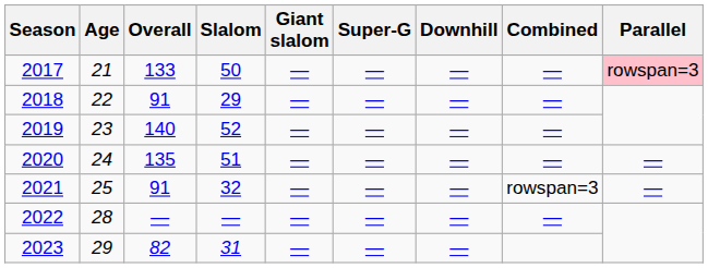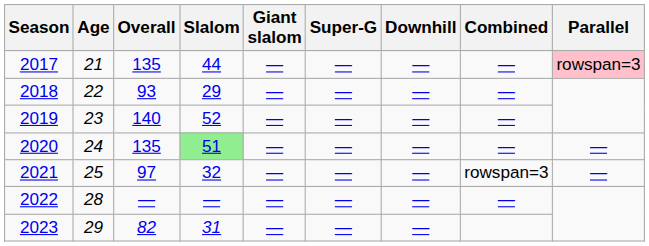 <table class=wikitable style="text-align:center">
 <tr>
 <th>Season</th>
 <th>Age</th>
 <th>Overall</th>
 <th>Slalom</th>
 <th>Giant<br>slalom</th>
 <th>Super-G</th>
 <th>Downhill</th>
 <th>Combined</th>
 <th>Parallel</th>
 </tr>
 <tr>
 <td><a href='#'>2017</a></td>
 <td><em>21</em></td>
-<td><a href='#'>133</a></td>
-<td><a href='#'>50</a></td>
+<td><a href='#'>135</a></td>
+<td><a href='#'>44</a></td>
 <td><a href='#'>—</a></td>
 <td><a href='#'>—</a></td>
 <td><a href='#'>—</a></td>
 <td><a href='#'>—</a></td>
 <td style="background: pink;">rowspan=3 </td>
 </tr>
 <tr>
 <td><a href='#'>2018</a></td>
 <td><em>22</em></td>
-<td><a href='#'>91</a></td>
+<td><a href='#'>93</a></td>
 <td><a href='#'>29</a></td>
 <td><a href='#'>—</a></td>
 <td><a href='#'>—</a></td>
 <td><a href='#'>—</a></td>
 <td><a href='#'>—</a></td>
 </tr>
 <tr>
 <td><a href='#'>2019</a></td>
 <td><em>23</em></td>
 <td><a href='#'>140</a></td>
 <td><a href='#'>52</a></td>
 <td><a href='#'>—</a></td>
 <td><a href='#'>—</a></td>
 <td><a href='#'>—</a></td>
 <td><a href='#'>—</a></td>
 </tr>
 <tr>
 <td><a href='#'>2020</a></td>
 <td><em>24</em></td>
 <td><a href='#'>135</a></td>
-<td><a href='#'>51</a></td>
+<td style="background: lightgreen;"><a href='#'>51</a></td>
 <td><a href='#'>—</a></td>
 <td><a href='#'>—</a></td>
 <td><a href='#'>—</a></td>
 <td><a href='#'>—</a></td>
 <td><a href='#'>—</a></td>
 </tr>
 <tr>
 <td><a href='#'>2021</a></td>
 <td><em>25</em></td>
-<td><a href='#'>91</a></td>
+<td><a href='#'>97</a></td>
 <td><a href='#'>32</a></td>
 <td><a href='#'>—</a></td>
 <td><a href='#'>—</a></td>
 <td><a href='#'>—</a></td>
 <td>rowspan=3 </td>
 <td><a href='#'>—</a></td>
 </tr>
 <tr>
 <td><a href='#'>2022</a></td>
 <td><em>28</em></td>
 <td><a href='#'>—</a></td>
 <td><a href='#'>—</a></td>
 <td><a href='#'>—</a></td>
 <td><a href='#'>—</a></td>
 <td><a href='#'>—</a></td>
 <td><a href='#'>—</a></td>
 </tr>
 <tr>
 <td><a href='#'>2023</a></td>
 <td><em>29</em></td>
 <td><em><a href='#'>82</a></em></td>
 <td><em><a href='#'>31</a></em></td>
 <td><a href='#'>—</a></td>
 <td><a href='#'>—</a></td>
 <td><a href='#'>—</a></td>
 <td></td>
 </tr>
 </table>
